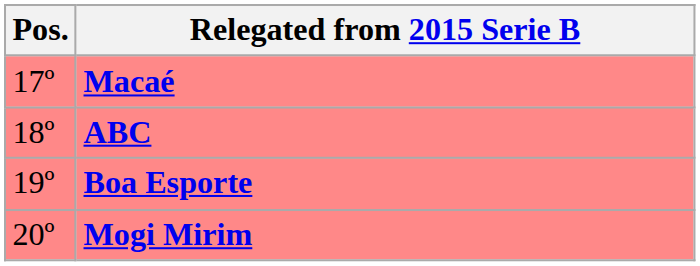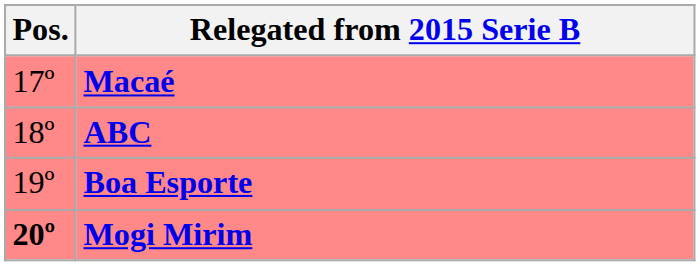 <table class="wikitable">
 <tr>
 <th align="center">Pos.</th>
 <th width=300>Relegated from <a href='#'>2015 Serie B</a></th>
 </tr>
 <tr style="background: #FF8888;">
 <td>17º</td>
 <td><strong><a href='#'>Macaé</a></strong></td>
 </tr>
 <tr style="background: #FF8888;">
 <td>18º</td>
 <td><strong><a href='#'>ABC</a></strong></td>
 </tr>
 <tr style="background: #FF8888;">
 <td>19º</td>
 <td><strong><a href='#'>Boa Esporte</a></strong></td>
 </tr>
 <tr style="background: #FF8888;">
-<td>20º</td>
+<td><strong>20º</strong></td>
 <td><strong><a href='#'>Mogi Mirim</a></strong></td>
 </tr>
 </table>
